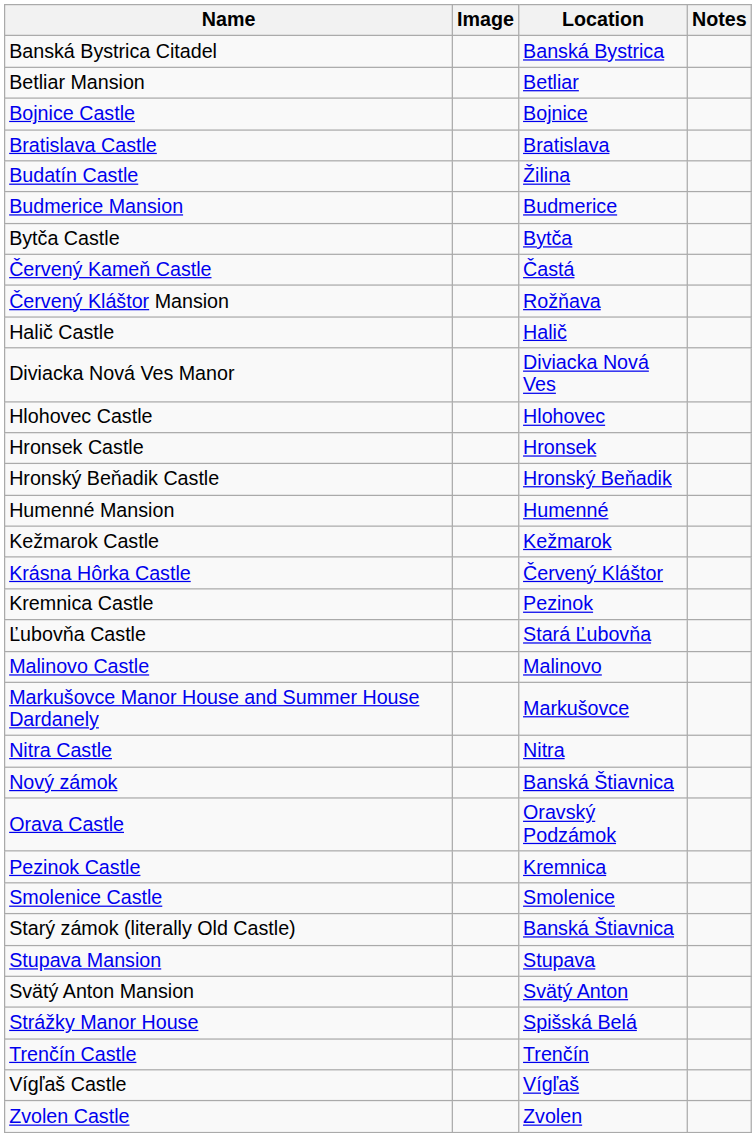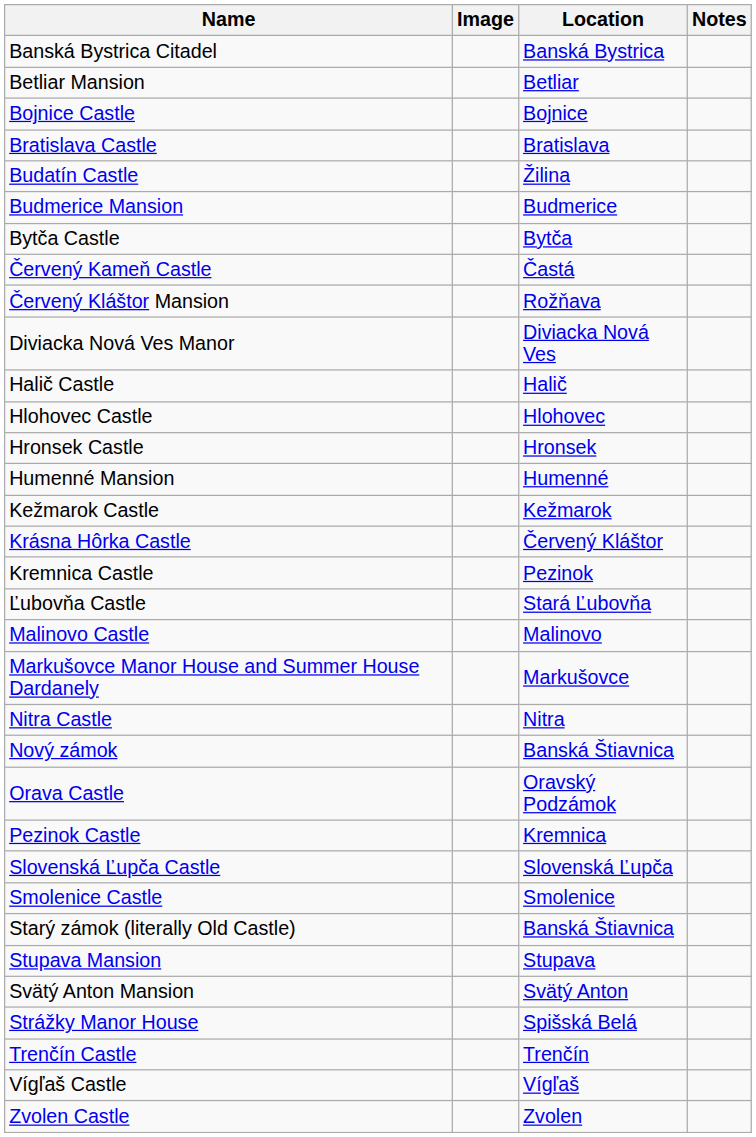 <table class="wikitable sortable" style="border: 0; cellpadding: 2; cellspacing: 3;">
 <tr style="vertical-align:middle;">
 <th>Name</th>
 <th>Image</th>
 <th>Location</th>
 <th class="unsortable">Notes</th>
 </tr>
 <tr>
 <td>Banská Bystrica Citadel</td>
 <td></td>
 <td><a href='#'>Banská Bystrica</a></td>
 <td></td>
 </tr>
 <tr>
 <td>Betliar Mansion</td>
 <td></td>
 <td><a href='#'>Betliar</a></td>
 <td></td>
 </tr>
 <tr>
 <td><a href='#'>Bojnice Castle</a></td>
 <td></td>
 <td><a href='#'>Bojnice</a></td>
 <td></td>
 </tr>
 <tr>
 <td><a href='#'>Bratislava Castle</a></td>
 <td></td>
 <td><a href='#'>Bratislava</a></td>
 <td></td>
 </tr>
 <tr>
 <td><a href='#'>Budatín Castle</a></td>
 <td></td>
 <td><a href='#'>Žilina</a></td>
 <td></td>
 </tr>
 <tr>
 <td><a href='#'>Budmerice Mansion</a></td>
 <td></td>
 <td><a href='#'>Budmerice</a></td>
 <td></td>
 </tr>
 <tr>
 <td>Bytča Castle</td>
 <td></td>
 <td><a href='#'>Bytča</a></td>
 <td></td>
 </tr>
 <tr>
 <td><a href='#'>Červený Kameň Castle</a></td>
 <td></td>
 <td><a href='#'>Častá</a></td>
 <td></td>
 </tr>
 <tr>
 <td><a href='#'>Červený Kláštor</a> Mansion</td>
 <td></td>
 <td><a href='#'>Rožňava</a></td>
 <td></td>
 </tr>
 <tr>
+<td>Diviacka Nová Ves Manor</td>
+<td></td>
+<td><a href='#'>Diviacka Nová Ves</a></td>
+<td></td>
+</tr>
+<tr>
 <td>Halič Castle</td>
 <td></td>
 <td><a href='#'>Halič</a></td>
-<td></td>
-</tr>
-<tr>
-<td>Diviacka Nová Ves Manor</td>
-<td></td>
-<td><a href='#'>Diviacka Nová Ves</a></td>
 <td></td>
 </tr>
 <tr>
 <td>Hlohovec Castle</td>
 <td></td>
 <td><a href='#'>Hlohovec</a></td>
 <td></td>
 </tr>
 <tr>
 <td>Hronsek Castle</td>
 <td></td>
 <td><a href='#'>Hronsek</a></td>
-<td></td>
-</tr>
-<tr>
-<td>Hronský Beňadik Castle</td>
-<td></td>
-<td><a href='#'>Hronský Beňadik</a></td>
 <td></td>
 </tr>
 <tr>
 <td>Humenné Mansion</td>
 <td></td>
 <td><a href='#'>Humenné</a></td>
 <td></td>
 </tr>
 <tr>
 <td>Kežmarok Castle</td>
 <td></td>
 <td><a href='#'>Kežmarok</a></td>
 <td></td>
 </tr>
 <tr>
 <td><a href='#'>Krásna Hôrka Castle</a></td>
 <td></td>
 <td><a href='#'>Červený Kláštor</a></td>
 <td></td>
 </tr>
 <tr>
 <td>Kremnica Castle</td>
 <td></td>
 <td><a href='#'>Pezinok</a></td>
 <td></td>
 </tr>
 <tr>
 <td>Ľubovňa Castle</td>
 <td></td>
 <td><a href='#'>Stará Ľubovňa</a></td>
 <td></td>
 </tr>
 <tr>
 <td><a href='#'>Malinovo Castle</a></td>
 <td></td>
 <td><a href='#'>Malinovo</a></td>
 <td></td>
 </tr>
 <tr>
 <td><a href='#'>Markušovce Manor House and Summer House Dardanely</a></td>
 <td></td>
 <td><a href='#'>Markušovce</a></td>
 <td></td>
 </tr>
 <tr>
 <td><a href='#'>Nitra Castle</a></td>
 <td></td>
 <td><a href='#'>Nitra</a></td>
 <td></td>
 </tr>
 <tr>
 <td><a href='#'>Nový zámok</a></td>
 <td></td>
 <td><a href='#'>Banská Štiavnica</a></td>
 <td></td>
 </tr>
 <tr>
 <td><a href='#'>Orava Castle</a></td>
 <td></td>
 <td><a href='#'>Oravský Podzámok</a></td>
 <td></td>
 </tr>
 <tr>
 <td><a href='#'>Pezinok Castle</a></td>
 <td></td>
 <td><a href='#'>Kremnica</a></td>
 <td></td>
 </tr>
 <tr>
+<td><a href='#'>Slovenská Ľupča Castle</a></td>
+<td></td>
+<td><a href='#'>Slovenská Ľupča</a></td>
+<td></td>
+</tr>
+<tr>
 <td><a href='#'>Smolenice Castle</a></td>
 <td></td>
 <td><a href='#'>Smolenice</a></td>
 <td></td>
 </tr>
 <tr>
 <td>Starý zámok (literally Old Castle)</td>
 <td></td>
 <td><a href='#'>Banská Štiavnica</a></td>
 <td></td>
 </tr>
 <tr>
 <td><a href='#'>Stupava Mansion</a></td>
 <td></td>
 <td><a href='#'>Stupava</a></td>
 <td></td>
 </tr>
 <tr>
 <td>Svätý Anton Mansion</td>
 <td></td>
 <td><a href='#'>Svätý Anton</a></td>
 <td></td>
 </tr>
 <tr>
 <td><a href='#'>Strážky Manor House</a></td>
 <td></td>
 <td><a href='#'>Spišská Belá</a></td>
 <td></td>
 </tr>
 <tr>
 <td><a href='#'>Trenčín Castle</a></td>
 <td></td>
 <td><a href='#'>Trenčín</a></td>
 <td></td>
 </tr>
 <tr>
 <td>Vígľaš Castle</td>
 <td></td>
 <td><a href='#'>Vígľaš</a></td>
 <td></td>
 </tr>
 <tr>
 <td><a href='#'>Zvolen Castle</a></td>
 <td></td>
 <td><a href='#'>Zvolen</a></td>
 <td></td>
 </tr>
 </table>
